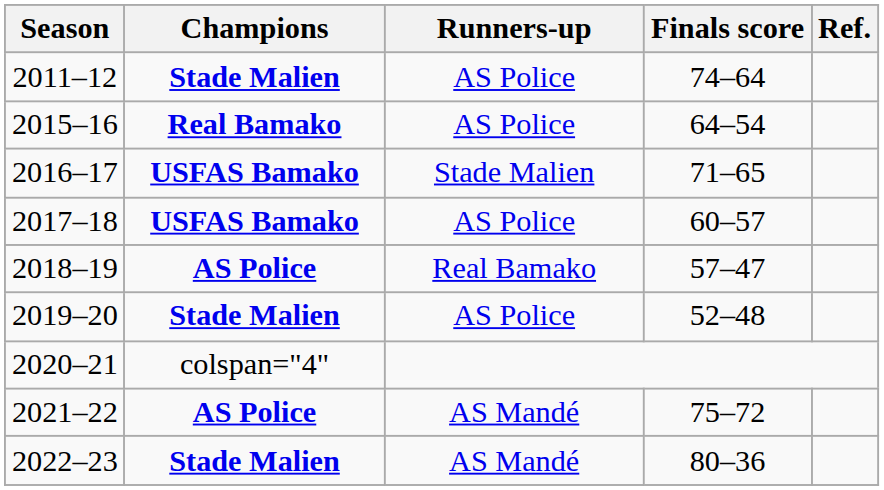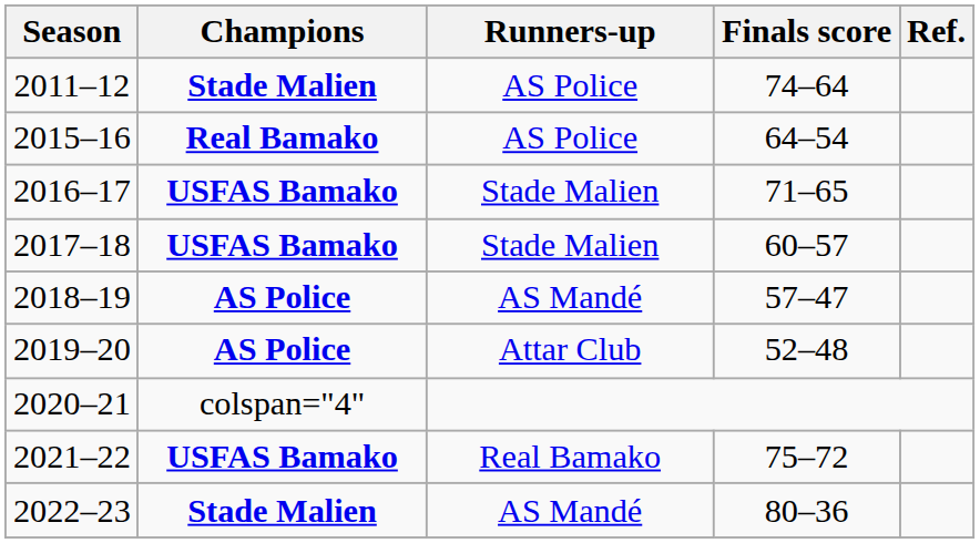 <table class="wikitable sortable" style="text-align:center;">
 <tr>
 <th>Season</th>
 <th width="130">Champions</th>
 <th width="130">Runners-up</th>
 <th>Finals score</th>
 <th>Ref.</th>
 </tr>
 <tr>
 <td>2011–12</td>
 <td><a href='#'><strong>Stade Malien</strong></a></td>
 <td><a href='#'>AS Police</a></td>
 <td>74–64</td>
 <td></td>
 </tr>
 <tr>
 <td>2015–16</td>
 <td><a href='#'><strong>Real Bamako</strong></a></td>
 <td><a href='#'>AS Police</a></td>
 <td>64–54</td>
 <td></td>
 </tr>
 <tr>
 <td>2016–17</td>
 <td><a href='#'><strong>USFAS Bamako</strong></a></td>
 <td><a href='#'>Stade Malien</a></td>
 <td>71–65</td>
 <td></td>
 </tr>
 <tr>
 <td>2017–18</td>
 <td><a href='#'><strong>USFAS Bamako</strong></a></td>
-<td><a href='#'>AS Police</a></td>
+<td><a href='#'>Stade Malien</a></td>
 <td>60–57</td>
 <td></td>
 </tr>
 <tr>
 <td>2018–19</td>
 <td><a href='#'><strong>AS Police</strong></a></td>
-<td><a href='#'>Real Bamako</a></td>
+<td><a href='#'>AS Mandé</a></td>
 <td>57–47</td>
 <td></td>
 </tr>
 <tr>
 <td>2019–20</td>
-<td><a href='#'><strong>Stade Malien</strong></a></td>
-<td><a href='#'>AS Police</a></td>
+<td><a href='#'><strong>AS Police</strong></a></td>
+<td><a href='#'>Attar Club</a></td>
 <td>52–48</td>
 <td></td>
 </tr>
 <tr>
 <td>2020–21</td>
 <td>colspan="4" </td>
 </tr>
 <tr>
 <td>2021–22</td>
-<td><a href='#'><strong>AS Police</strong></a></td>
-<td><a href='#'>AS Mandé</a></td>
+<td><a href='#'><strong>USFAS Bamako</strong></a></td>
+<td><a href='#'>Real Bamako</a></td>
 <td>75–72</td>
 <td></td>
 </tr>
 <tr>
 <td>2022–23</td>
 <td><a href='#'><strong>Stade Malien</strong></a></td>
 <td><a href='#'>AS Mandé</a></td>
 <td>80–36</td>
 <td></td>
 </tr>
 </table>
